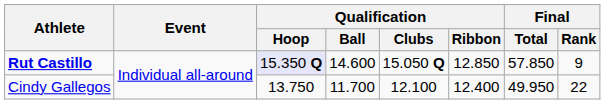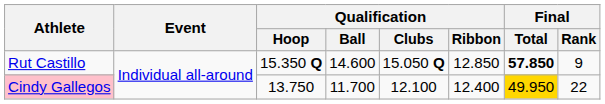 <table class=wikitable style="font-size:90%">
 <tr>
 <th rowspan=2>Athlete</th>
 <th rowspan=2>Event</th>
 <th colspan=4>Qualification</th>
 <th colspan=2>Final</th>
 </tr>
 <tr style="font-size:95%">
 <th>Hoop</th>
 <th>Ball</th>
 <th>Clubs</th>
 <th>Ribbon</th>
 <th>Total</th>
 <th>Rank</th>
 </tr>
 <tr align=center>
-<td align=left><strong><a href='#'>Rut Castillo</a></strong></td>
+<td align=left><a href='#'>Rut Castillo</a></td>
 <td align=left rowspan=2><a href='#'>Individual all-around</a></td>
-<td style="background: lavender;">15.350 <strong>Q</strong></td>
+<td>15.350 <strong>Q</strong></td>
 <td>14.600</td>
 <td>15.050 <strong>Q</strong></td>
 <td>12.850</td>
-<td>57.850</td>
+<td><strong>57.850</strong></td>
 <td>9</td>
 </tr>
 <tr align=center>
-<td align=left><a href='#'>Cindy Gallegos</a></td>
+<td align=left style="background: pink;"><a href='#'>Cindy Gallegos</a></td>
 <td>13.750</td>
 <td>11.700</td>
 <td>12.100</td>
 <td>12.400</td>
-<td>49.950</td>
+<td style="background: gold;">49.950</td>
 <td>22</td>
 </tr>
 </table>
